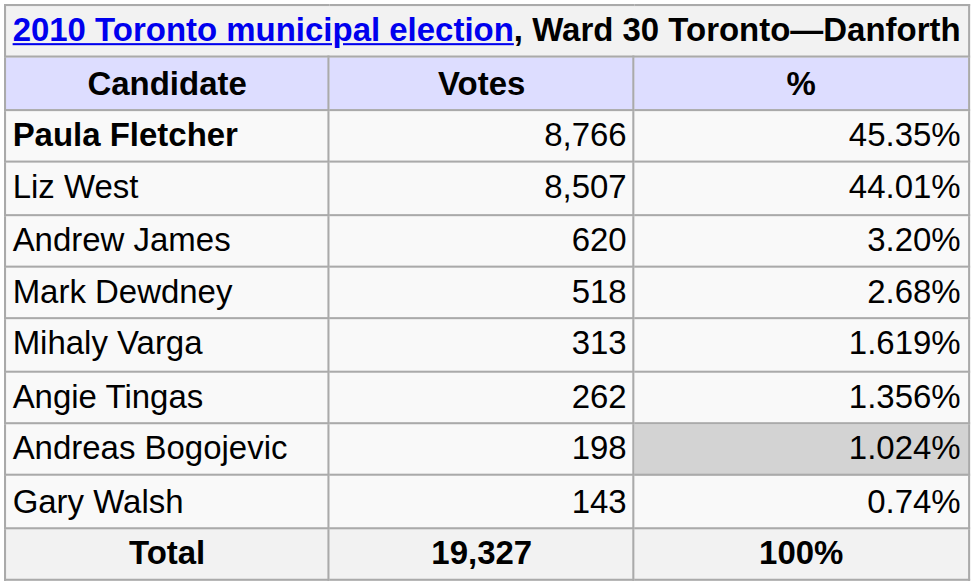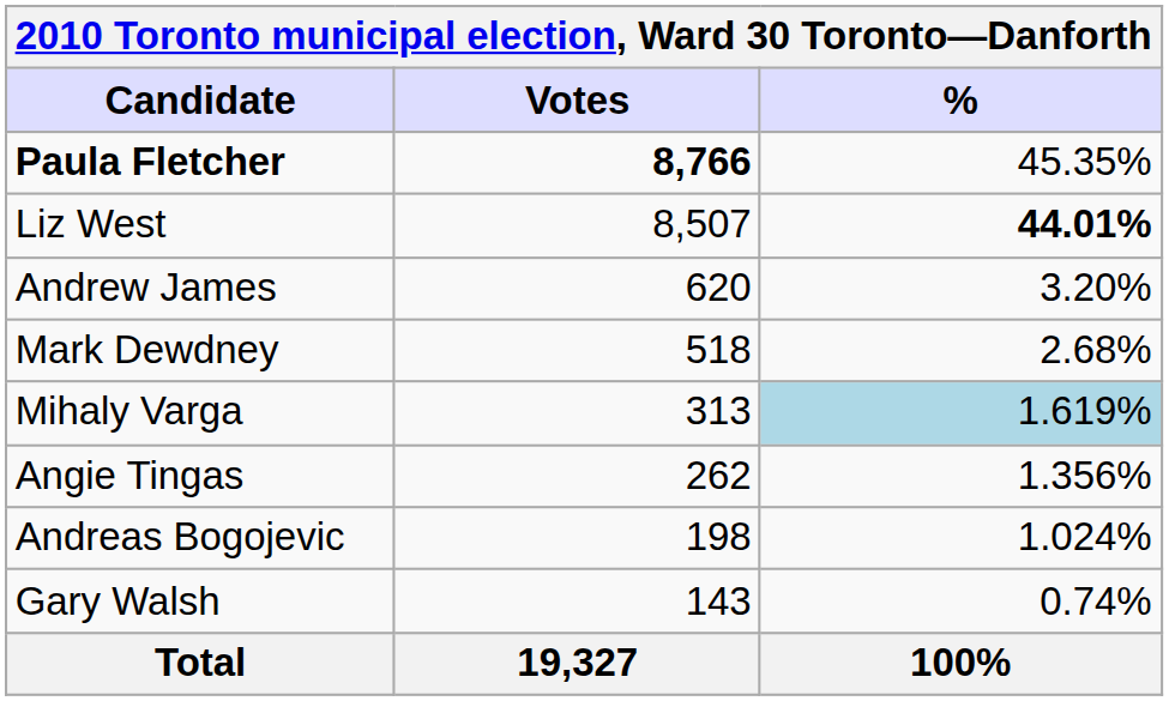 <table class="wikitable">
 <tr>
 <th colspan="3"><a href='#'>2010 Toronto municipal election</a>, Ward 30 Toronto—Danforth </th>
 </tr>
 <tr>
 <th style="background:#ddf; width:150px;">Candidate</th>
 <th style="background:#ddf;">Votes</th>
 <th style="background:#ddf;">%</th>
 </tr>
 <tr>
 <td><strong>Paula Fletcher</strong></td>
-<td align="right">8,766</td>
+<td align="right"><strong>8,766</strong></td>
 <td align="right">45.35%</td>
 </tr>
 <tr>
 <td>Liz West</td>
 <td align="right">8,507</td>
-<td align="right">44.01%</td>
+<td align="right"><strong>44.01%</strong></td>
 </tr>
 <tr>
 <td>Andrew James</td>
 <td align="right">620</td>
 <td align="right">3.20%</td>
 </tr>
 <tr>
 <td>Mark Dewdney</td>
 <td align="right">518</td>
 <td align="right">2.68%</td>
 </tr>
 <tr>
 <td>Mihaly Varga</td>
 <td align="right">313</td>
-<td align="right">1.619%</td>
+<td align="right" style="background: lightblue;">1.619%</td>
 </tr>
 <tr>
 <td>Angie Tingas</td>
 <td align="right">262</td>
 <td align="right">1.356%</td>
 </tr>
 <tr>
 <td>Andreas Bogojevic</td>
 <td align="right">198</td>
-<td align="right" style="background: lightgrey;">1.024%</td>
+<td align="right">1.024%</td>
 </tr>
 <tr>
 <td>Gary Walsh</td>
 <td align="right">143</td>
 <td align="right">0.74%</td>
 </tr>
 <tr>
 <th>Total</th>
 <th align="right">19,327</th>
 <th align="right">100%</th>
 </tr>
 </table>
